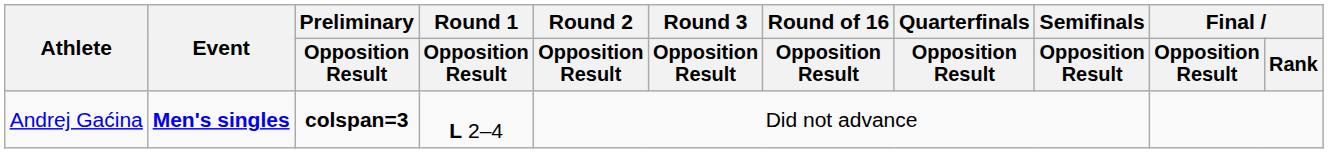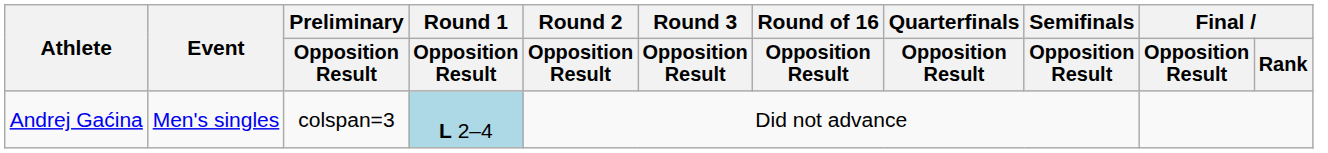 <table class="wikitable" style="font-size:90%;">
 <tr>
 <th rowspan=2>Athlete</th>
 <th rowspan=2>Event</th>
 <th>Preliminary</th>
 <th>Round 1</th>
 <th>Round 2</th>
 <th>Round 3</th>
 <th>Round of 16</th>
 <th>Quarterfinals</th>
 <th>Semifinals</th>
 <th colspan=2>Final / </th>
 </tr>
 <tr style="font-size:95%">
 <th>Opposition<br>Result</th>
 <th>Opposition<br>Result</th>
 <th>Opposition<br>Result</th>
 <th>Opposition<br>Result</th>
 <th>Opposition<br>Result</th>
 <th>Opposition<br>Result</th>
 <th>Opposition<br>Result</th>
 <th>Opposition<br>Result</th>
 <th>Rank</th>
 </tr>
 <tr align=center>
 <td align=left><a href='#'>Andrej Gaćina</a></td>
-<td align=left><strong><a href='#'>Men's singles</a></strong></td>
-<td><strong>colspan=3 </strong></td>
-<td><br><strong>L</strong> 2–4</td>
+<td align=left><a href='#'>Men's singles</a></td>
+<td>colspan=3 </td>
+<td style="background: lightblue;"><br><strong>L</strong> 2–4</td>
 <td colspan=5>Did not advance</td>
 </tr>
 </table>
